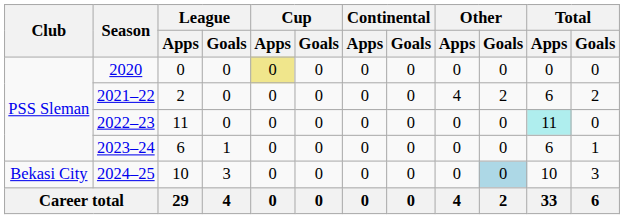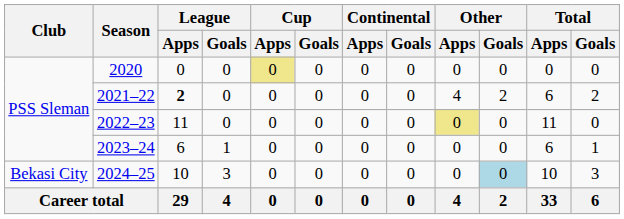 <table class="wikitable" style="text-align:center">
 <tr>
 <th rowspan="2">Club</th>
 <th rowspan="2">Season</th>
 <th colspan="2">League</th>
 <th colspan="2">Cup</th>
 <th colspan="2">Continental</th>
 <th colspan="2">Other</th>
 <th colspan="2">Total</th>
 </tr>
 <tr>
 <th>Apps</th>
 <th>Goals</th>
 <th>Apps</th>
 <th>Goals</th>
 <th>Apps</th>
 <th>Goals</th>
 <th>Apps</th>
 <th>Goals</th>
 <th>Apps</th>
 <th>Goals</th>
 </tr>
 <tr>
 <td rowspan="4"><a href='#'>PSS Sleman</a></td>
 <td><a href='#'>2020</a></td>
 <td>0</td>
 <td>0</td>
 <td style="background: khaki;">0</td>
 <td>0</td>
 <td>0</td>
 <td>0</td>
 <td>0</td>
 <td>0</td>
 <td>0</td>
 <td>0</td>
 </tr>
 <tr>
 <td><a href='#'>2021–22</a></td>
-<td>2</td>
+<td><strong>2</strong></td>
 <td>0</td>
 <td>0</td>
 <td>0</td>
 <td>0</td>
 <td>0</td>
 <td>4</td>
 <td>2</td>
 <td>6</td>
 <td>2</td>
 </tr>
 <tr>
 <td><a href='#'>2022–23</a></td>
 <td>11</td>
 <td>0</td>
 <td>0</td>
 <td>0</td>
 <td>0</td>
 <td>0</td>
+<td style="background: khaki;">0</td>
 <td>0</td>
-<td>0</td>
-<td style="background: paleturquoise;">11</td>
+<td>11</td>
 <td>0</td>
 </tr>
 <tr>
 <td><a href='#'>2023–24</a></td>
 <td>6</td>
 <td>1</td>
 <td>0</td>
 <td>0</td>
 <td>0</td>
 <td>0</td>
 <td>0</td>
 <td>0</td>
 <td>6</td>
 <td>1</td>
 </tr>
 <tr>
 <td rowspan="1"><a href='#'>Bekasi City</a></td>
 <td><a href='#'>2024–25</a></td>
 <td>10</td>
 <td>3</td>
 <td>0</td>
 <td>0</td>
 <td>0</td>
 <td>0</td>
 <td>0</td>
 <td style="background: lightblue;">0</td>
 <td>10</td>
 <td>3</td>
 </tr>
 <tr>
 <th colspan="2">Career total</th>
 <th>29</th>
 <th>4</th>
 <th>0</th>
 <th>0</th>
 <th>0</th>
 <th>0</th>
 <th>4</th>
 <th>2</th>
 <th>33</th>
 <th>6</th>
 </tr>
 </table>
